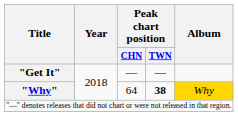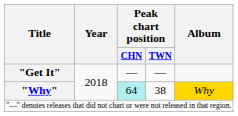 <table class="wikitable plainrowheaders" style="text-align:center;">
 <tr>
 <th scope="col" rowspan="2">Title</th>
 <th scope="col" rowspan="2">Year</th>
 <th colspan="2" scope="col">Peak chart position</th>
 <th scope="col" rowspan="2">Album</th>
 </tr>
 <tr>
 <th scope="col" style="width:2.5em;font-size:85%;"><a href='#'>CHN</a></th>
 <th scope="col" rowspan="1" style="width:2.5em;font-size:85%;"><a href='#'>TWN</a></th>
 </tr>
 <tr>
 <th scope="row">"Get It" </th>
 <td rowspan="2">2018</td>
 <td>—</td>
 <td —>—</td>
 <td></td>
 </tr>
 <tr>
 <th scope="row">"<a href='#'>Why</a>"</th>
-<td>64</td>
-<td><strong>38</strong></td>
+<td style="background: paleturquoise;">64</td>
+<td>38</td>
 <td style="background: gold;"><em>Why</em></td>
 </tr>
 <tr>
 <td colspan="5" style="font-size:8pt">"—" denotes releases that did not chart or were not released in that region.</td>
 </tr>
 </table>
